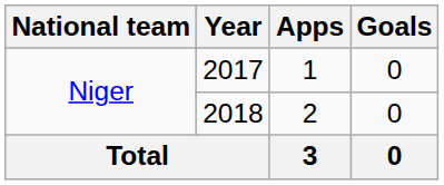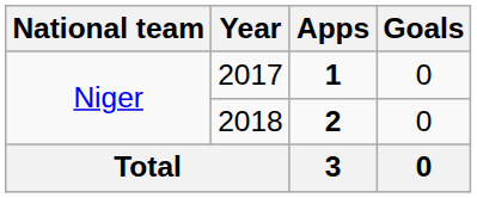 <table class="wikitable" style="text-align:center">
 <tr>
 <th>National team</th>
 <th>Year</th>
 <th>Apps</th>
 <th>Goals</th>
 </tr>
 <tr>
 <td rowspan="2"><a href='#'>Niger</a></td>
 <td>2017</td>
-<td>1</td>
+<td><strong>1</strong></td>
 <td>0</td>
 </tr>
 <tr>
 <td>2018</td>
-<td>2</td>
+<td><strong>2</strong></td>
 <td>0</td>
 </tr>
 <tr>
 <th colspan=2>Total</th>
 <th>3</th>
 <th>0</th>
 </tr>
 </table>
